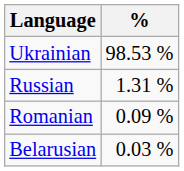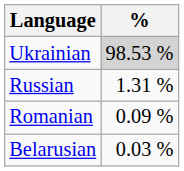 <table class="wikitable">
 <tr>
 <th>Language</th>
 <th>%</th>
 </tr>
 <tr>
 <td><a href='#'>Ukrainian</a></td>
-<td align="right">98.53 %</td>
+<td align="right" style="background: lightgrey;">98.53 %</td>
 </tr>
 <tr>
 <td><a href='#'>Russian</a></td>
 <td align="right">1.31 %</td>
 </tr>
 <tr>
 <td><a href='#'>Romanian</a></td>
 <td align="right">0.09 %</td>
 </tr>
 <tr>
 <td><a href='#'>Belarusian</a></td>
 <td align="right">0.03 %</td>
 </tr>
 </table>
